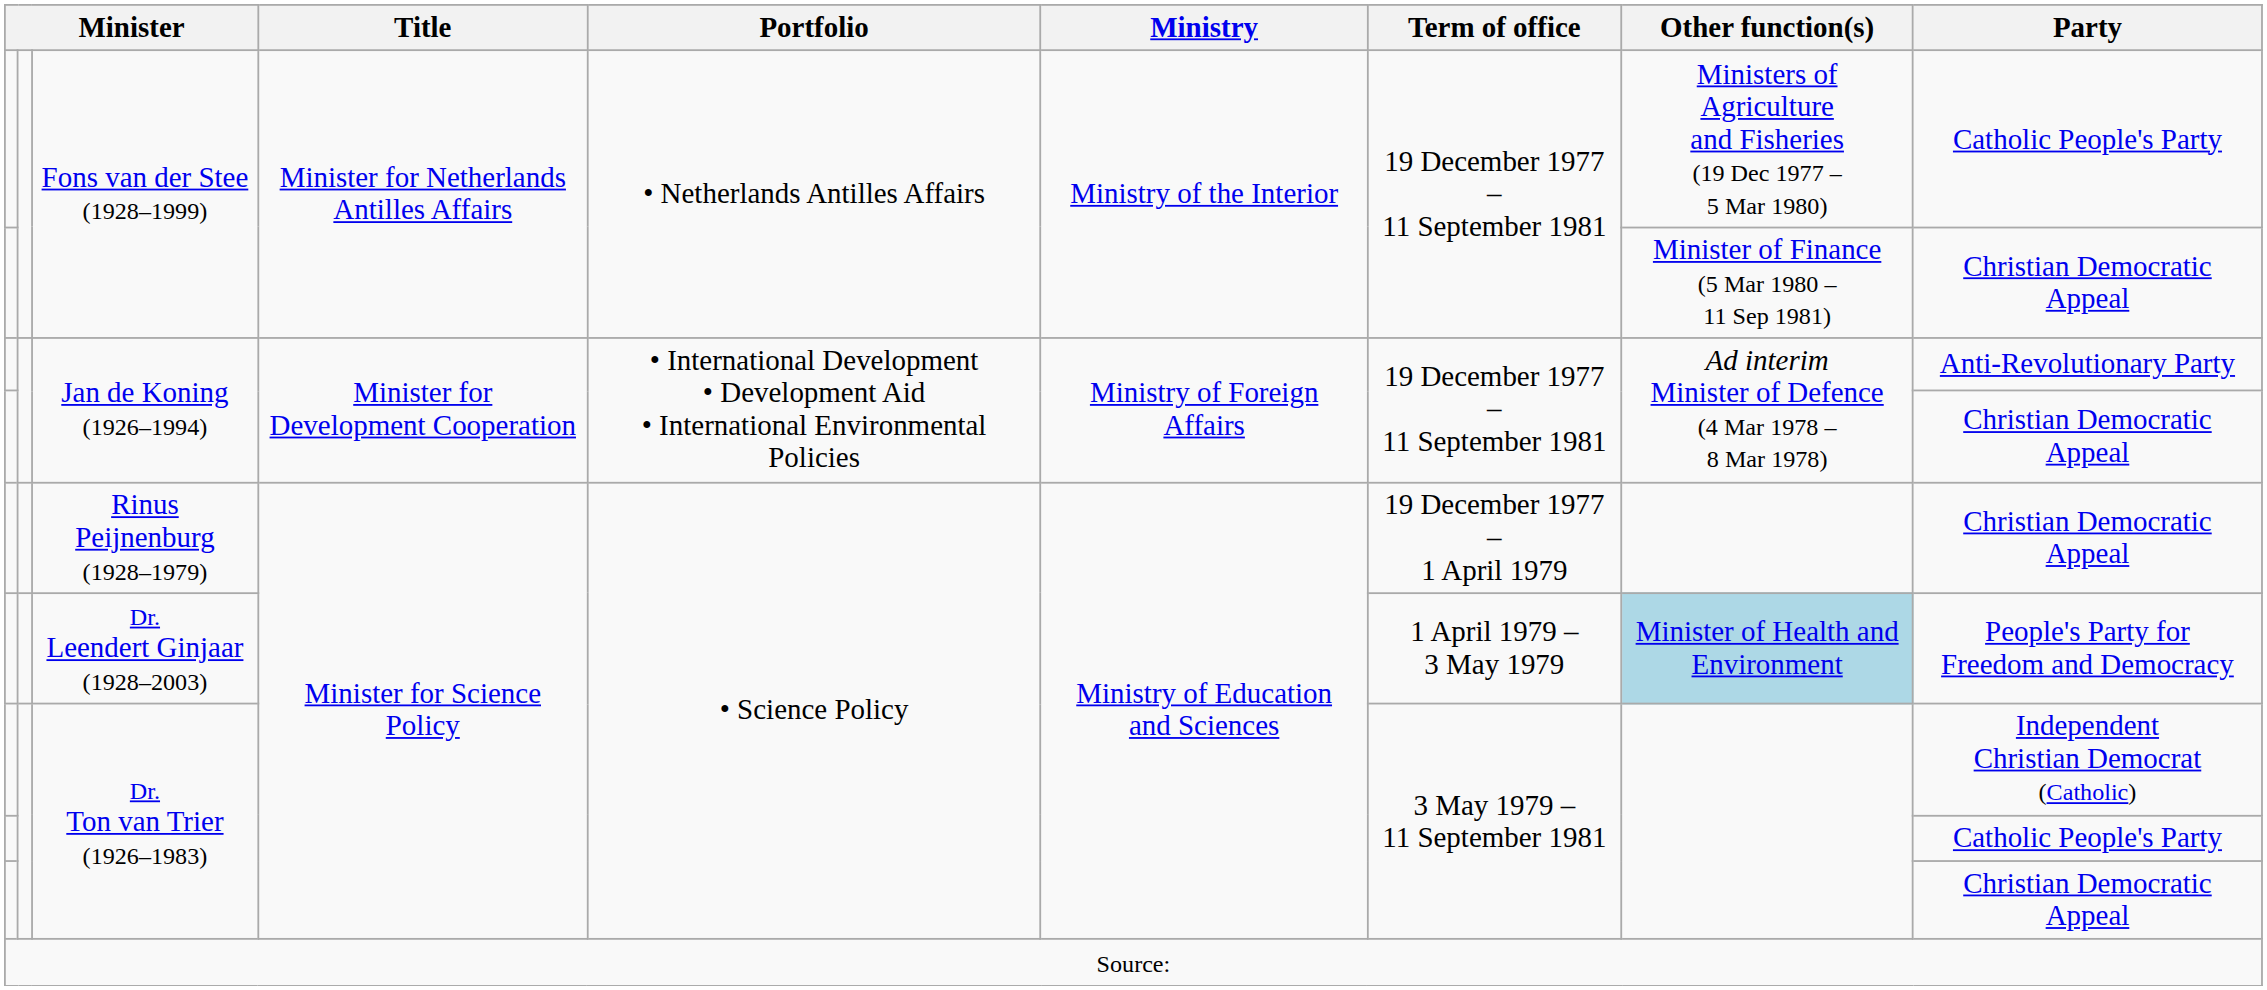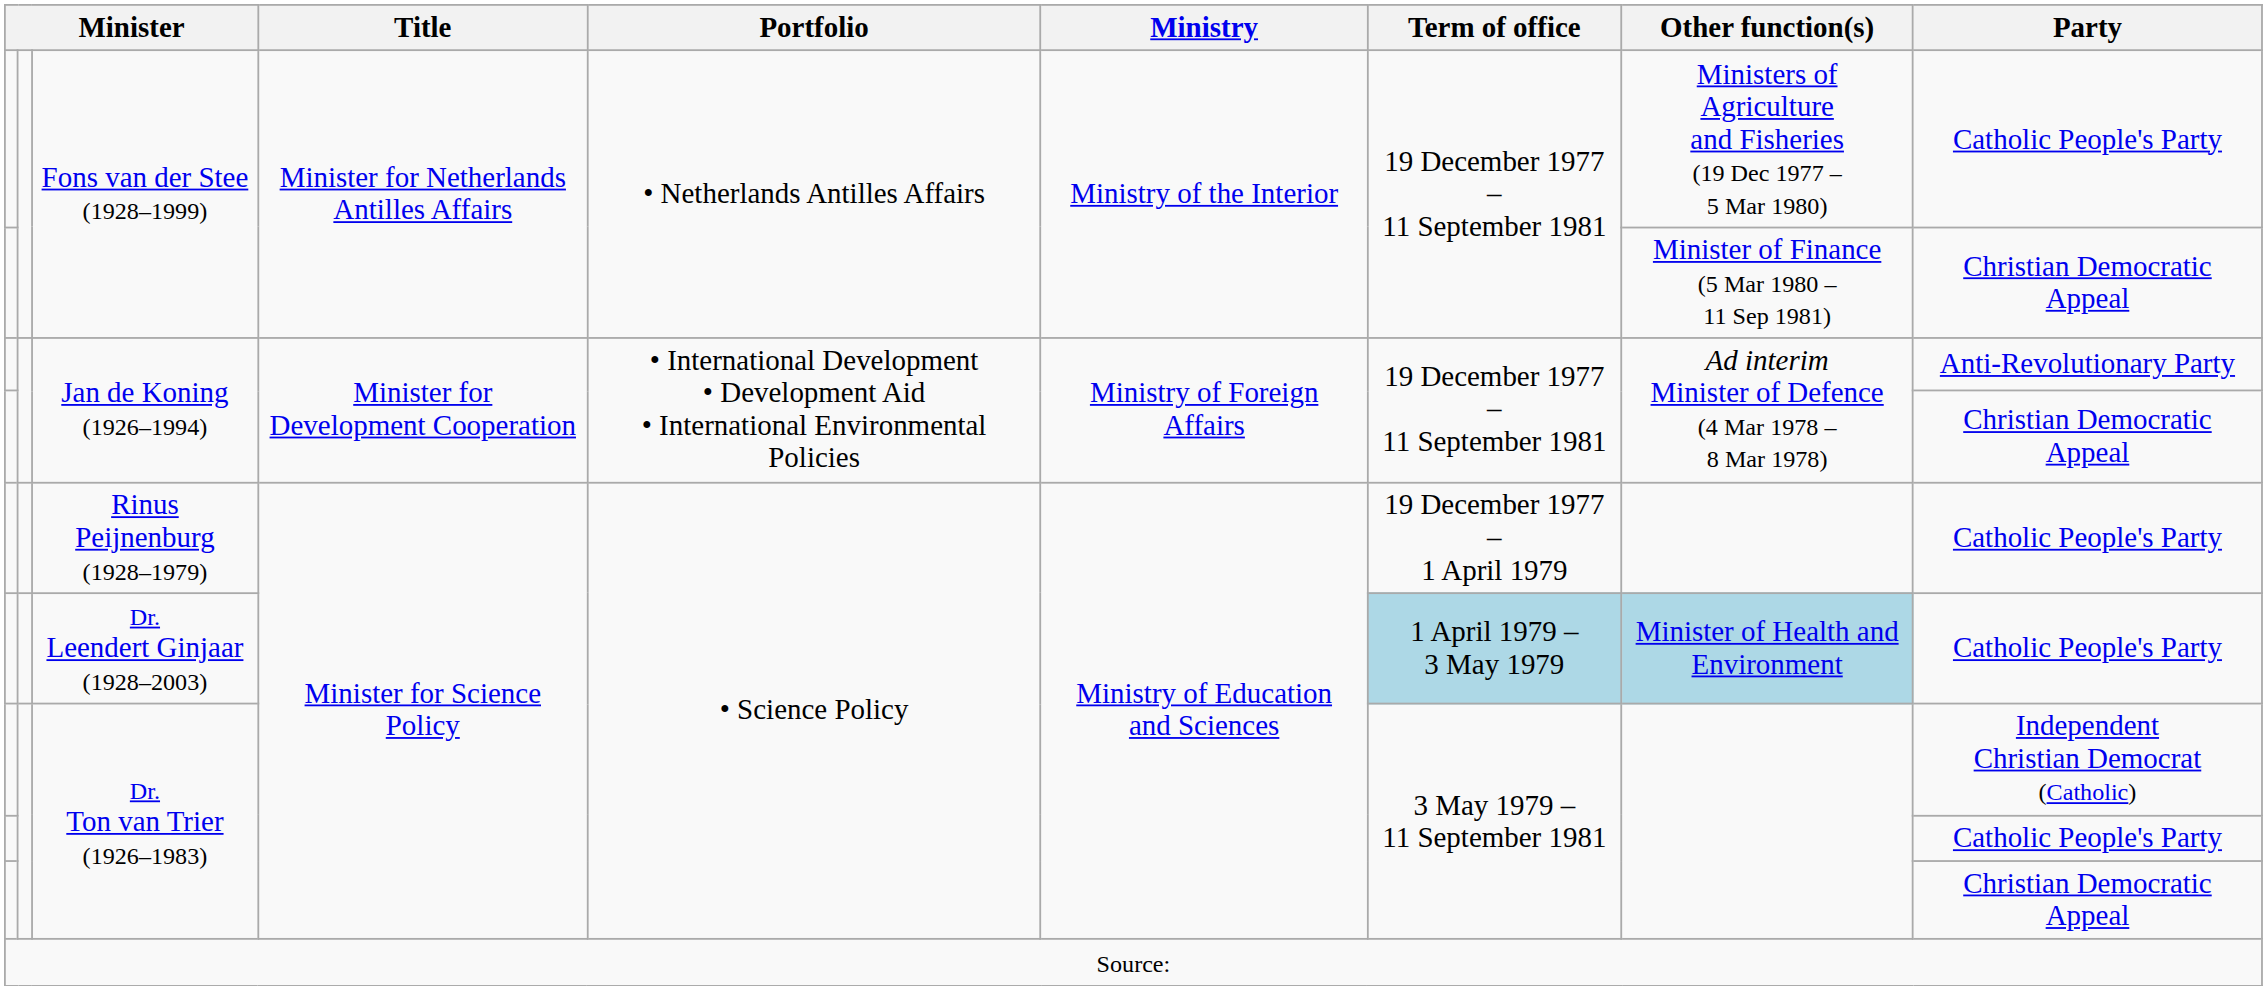 <table class="wikitable" style="text-align:center">
 <tr>
 <th colspan=3>Minister</th>
 <th>Title</th>
 <th>Portfolio</th>
 <th><a href='#'>Ministry</a></th>
 <th>Term of office</th>
 <th>Other function(s)</th>
 <th>Party</th>
 </tr>
 <tr>
 <td style="background:"></td>
 <td rowspan=2></td>
 <td rowspan=2><a href='#'>Fons van der Stee</a> <br> <small>(1928–1999)</small></td>
 <td rowspan=2><a href='#'>Minister for Netherlands <br> Antilles Affairs</a></td>
 <td rowspan=2>• Netherlands Antilles Affairs</td>
 <td rowspan=2><a href='#'>Ministry of the Interior</a></td>
 <td rowspan=2>19 December 1977 – <br> 11 September 1981</td>
 <td><a href='#'>Ministers of Agriculture <br> and Fisheries</a> <br> <small>(19 Dec 1977 – <br> 5 Mar 1980)</small></td>
 <td><a href='#'>Catholic People's Party</a></td>
 </tr>
 <tr>
 <td style="background:"></td>
 <td><a href='#'>Minister of Finance</a> <br> <small>(5 Mar 1980 – <br> 11 Sep 1981)</small></td>
 <td><a href='#'>Christian Democratic Appeal</a></td>
 </tr>
 <tr>
 <td style="background:"></td>
 <td rowspan=2></td>
 <td rowspan=2><a href='#'>Jan de Koning</a> <br> <small>(1926–1994)</small></td>
 <td rowspan=2><a href='#'>Minister for <br> Development Cooperation</a></td>
 <td rowspan=2>• International Development <br> • Development Aid <br> • International Environmental Policies</td>
 <td rowspan=2><a href='#'>Ministry of Foreign Affairs</a></td>
 <td rowspan=2>19 December 1977 – <br> 11 September 1981</td>
 <td rowspan=2><em>Ad interim</em> <br> <a href='#'>Minister of Defence</a> <br> <small>(4 Mar 1978 – <br> 8 Mar 1978)</small></td>
 <td><a href='#'>Anti-Revolutionary Party</a></td>
 </tr>
 <tr>
 <td style="background:"></td>
 <td><a href='#'>Christian Democratic Appeal</a></td>
 </tr>
 <tr>
 <td style="background:"></td>
 <td></td>
 <td><a href='#'>Rinus Peijnenburg</a> <br> <small>(1928–1979)</small></td>
 <td rowspan=5><a href='#'>Minister for Science Policy</a></td>
 <td rowspan=5>• Science Policy</td>
 <td rowspan=5><a href='#'>Ministry of Education <br> and Sciences</a></td>
 <td>19 December 1977 – <br> 1 April 1979 <br> </td>
 <td></td>
-<td><a href='#'>Christian Democratic Appeal</a></td>
+<td><a href='#'>Catholic People's Party</a></td>
 </tr>
 <tr>
 <td style="background:"></td>
 <td></td>
 <td><small><a href='#'>Dr.</a></small> <br> <a href='#'>Leendert Ginjaar</a> <br> <small>(1928–2003)</small></td>
-<td>1 April 1979 – <br> 3 May 1979 <br> </td>
+<td style="background: lightblue;">1 April 1979 – <br> 3 May 1979 <br> </td>
 <td style="background: lightblue;"><a href='#'>Minister of Health and <br> Environment</a></td>
-<td><a href='#'>People's Party for <br> Freedom and Democracy</a></td>
+<td><a href='#'>Catholic People's Party</a></td>
 </tr>
 <tr>
 <td style="background:"></td>
 <td rowspan=3></td>
 <td rowspan=3><small><a href='#'>Dr.</a></small> <br> <a href='#'>Ton van Trier</a> <br> <small>(1926–1983)</small></td>
 <td rowspan=3>3 May 1979 – <br> 11 September 1981</td>
 <td rowspan=3></td>
 <td><a href='#'>Independent <br> Christian Democrat</a> <br> <small>(<a href='#'>Catholic</a>)</small></td>
 </tr>
 <tr>
 <td style="background:"></td>
 <td><a href='#'>Catholic People's Party</a></td>
 </tr>
 <tr>
 <td style="background:"></td>
 <td><a href='#'>Christian Democratic Appeal</a></td>
 </tr>
 <tr>
 <td colspan=9><small>Source:</small></td>
 </tr>
 </table>
